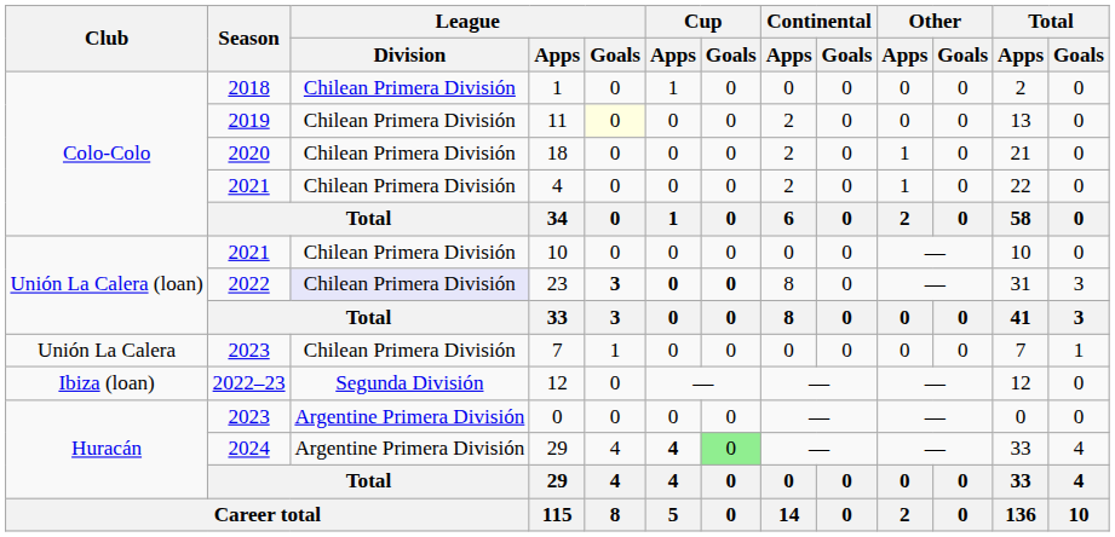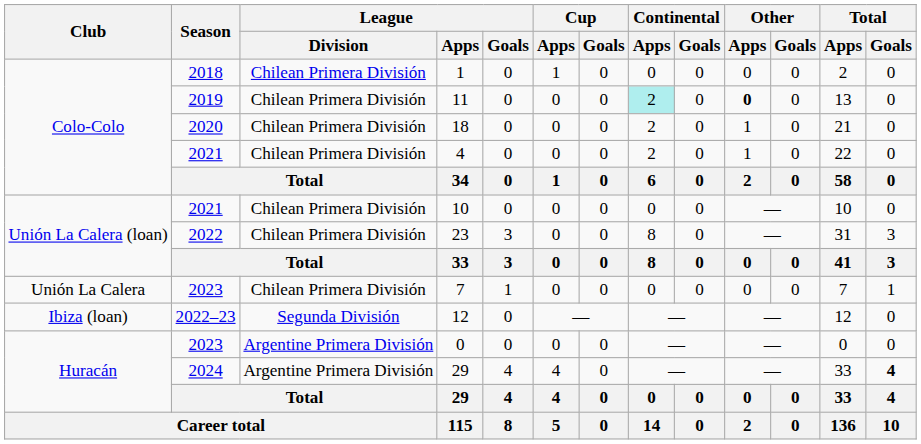 <table class="wikitable" style="text-align: center">
 <tr>
 <th rowspan="2">Club</th>
 <th rowspan="2">Season</th>
 <th colspan="3">League</th>
 <th colspan="2">Cup</th>
 <th colspan="2">Continental</th>
 <th colspan="2">Other</th>
 <th colspan="2">Total</th>
 </tr>
 <tr>
 <th>Division</th>
 <th>Apps</th>
 <th>Goals</th>
 <th>Apps</th>
 <th>Goals</th>
 <th>Apps</th>
 <th>Goals</th>
 <th>Apps</th>
 <th>Goals</th>
 <th>Apps</th>
 <th>Goals</th>
 </tr>
 <tr>
 <td rowspan="5"><a href='#'>Colo-Colo</a></td>
 <td><a href='#'>2018</a></td>
 <td><a href='#'>Chilean Primera División</a></td>
 <td>1</td>
 <td>0</td>
 <td>1</td>
 <td>0</td>
 <td>0</td>
 <td>0</td>
 <td>0</td>
 <td>0</td>
 <td>2</td>
 <td>0</td>
 </tr>
 <tr>
 <td><a href='#'>2019</a></td>
 <td>Chilean Primera División</td>
 <td>11</td>
-<td style="background: lightyellow;">0</td>
 <td>0</td>
 <td>0</td>
-<td>2</td>
 <td>0</td>
+<td style="background: paleturquoise;">2</td>
 <td>0</td>
+<td><strong>0</strong></td>
 <td>0</td>
 <td>13</td>
 <td>0</td>
 </tr>
 <tr>
 <td><a href='#'>2020</a></td>
 <td>Chilean Primera División</td>
 <td>18</td>
 <td>0</td>
 <td>0</td>
 <td>0</td>
 <td>2</td>
 <td>0</td>
 <td>1</td>
 <td>0</td>
 <td>21</td>
 <td>0</td>
 </tr>
 <tr>
 <td><a href='#'>2021</a></td>
 <td>Chilean Primera División</td>
 <td>4</td>
 <td>0</td>
 <td>0</td>
 <td>0</td>
 <td>2</td>
 <td>0</td>
 <td>1</td>
 <td>0</td>
 <td>22</td>
 <td>0</td>
 </tr>
 <tr>
 <th colspan="2">Total</th>
 <th>34</th>
 <th>0</th>
 <th>1</th>
 <th>0</th>
 <th>6</th>
 <th>0</th>
 <th>2</th>
 <th>0</th>
 <th>58</th>
 <th>0</th>
 </tr>
 <tr>
 <td rowspan="3"><a href='#'>Unión La Calera</a> (loan)</td>
 <td><a href='#'>2021</a></td>
 <td>Chilean Primera División</td>
 <td>10</td>
 <td>0</td>
 <td>0</td>
 <td>0</td>
 <td>0</td>
 <td>0</td>
 <td colspan="2">—</td>
 <td>10</td>
 <td>0</td>
 </tr>
 <tr>
 <td><a href='#'>2022</a></td>
-<td style="background: lavender;">Chilean Primera División</td>
+<td>Chilean Primera División</td>
 <td>23</td>
-<td><strong>3</strong></td>
-<td><strong>0</strong></td>
-<td><strong>0</strong></td>
+<td>3</td>
+<td>0</td>
+<td>0</td>
 <td>8</td>
 <td>0</td>
 <td colspan="2">—</td>
 <td>31</td>
 <td>3</td>
 </tr>
 <tr>
 <th colspan="2">Total</th>
 <th>33</th>
 <th>3</th>
 <th>0</th>
 <th>0</th>
 <th>8</th>
 <th>0</th>
 <th>0</th>
 <th>0</th>
 <th>41</th>
 <th>3</th>
 </tr>
 <tr>
 <td>Unión La Calera</td>
 <td><a href='#'>2023</a></td>
 <td>Chilean Primera División</td>
 <td>7</td>
 <td>1</td>
 <td>0</td>
 <td>0</td>
 <td>0</td>
 <td>0</td>
 <td>0</td>
 <td>0</td>
 <td>7</td>
 <td>1</td>
 </tr>
 <tr>
 <td><a href='#'>Ibiza</a> (loan)</td>
 <td><a href='#'>2022–23</a></td>
 <td><a href='#'>Segunda División</a></td>
 <td>12</td>
 <td>0</td>
 <td colspan="2">—</td>
 <td colspan="2">—</td>
 <td colspan="2">—</td>
 <td>12</td>
 <td>0</td>
 </tr>
 <tr>
 <td rowspan="3"><a href='#'>Huracán</a></td>
 <td><a href='#'>2023</a></td>
 <td><a href='#'>Argentine Primera División</a></td>
 <td>0</td>
 <td>0</td>
 <td>0</td>
 <td>0</td>
 <td colspan="2">—</td>
 <td colspan="2">—</td>
 <td>0</td>
 <td>0</td>
 </tr>
 <tr>
 <td><a href='#'>2024</a></td>
 <td>Argentine Primera División</td>
 <td>29</td>
 <td>4</td>
-<td><strong>4</strong></td>
-<td style="background: lightgreen;">0</td>
+<td>4</td>
+<td>0</td>
 <td colspan="2">—</td>
 <td colspan="2">—</td>
 <td>33</td>
-<td>4</td>
+<td><strong>4</strong></td>
 </tr>
 <tr>
 <th colspan="2">Total</th>
 <th>29</th>
 <th>4</th>
 <th>4</th>
 <th>0</th>
 <th>0</th>
 <th>0</th>
 <th>0</th>
 <th>0</th>
 <th>33</th>
 <th>4</th>
 </tr>
 <tr>
 <th colspan="3">Career total</th>
 <th>115</th>
 <th>8</th>
 <th>5</th>
 <th>0</th>
 <th>14</th>
 <th>0</th>
 <th>2</th>
 <th>0</th>
 <th>136</th>
 <th>10</th>
 </tr>
 </table>
